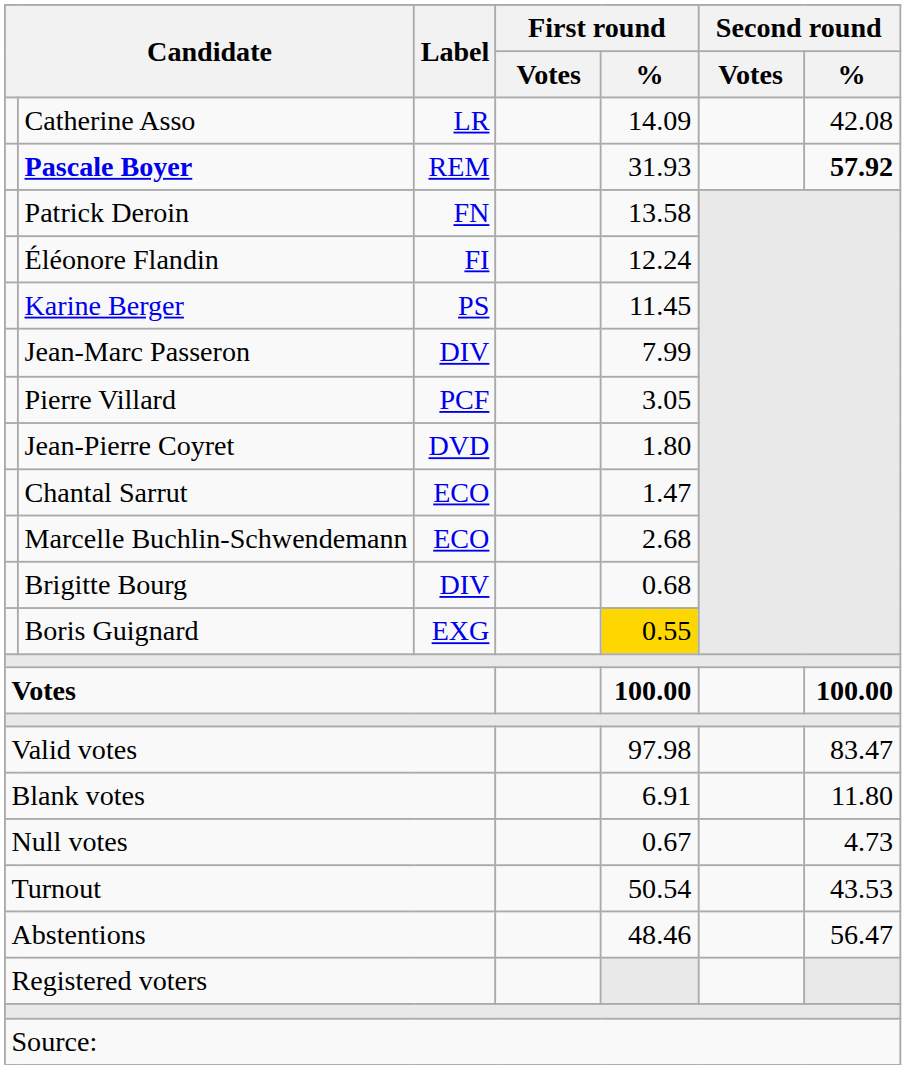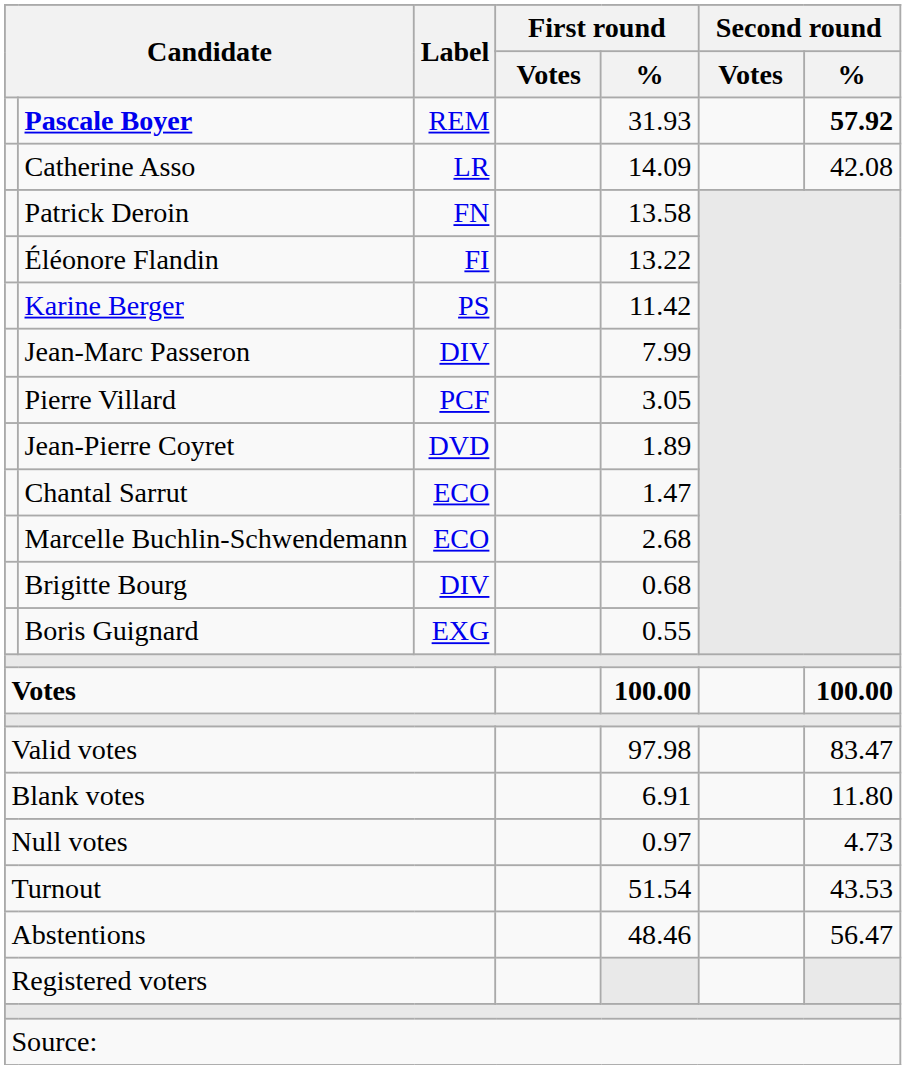 <table class="wikitable" style="text-align:right;font-size:95%;">
 <tr>
 <th colspan="2" rowspan="2">Candidate</th>
 <th rowspan="2">Label</th>
 <th colspan="2">First round</th>
 <th colspan="2">Second round</th>
 </tr>
 <tr>
 <th style="width:50px;">Votes</th>
 <th style="width:45px;">%</th>
 <th style="width:50px;">Votes</th>
 <th style="width:45px;">%</th>
 </tr>
 <tr>
 <td style="color:inherit;background:"></td>
+<td style="text-align:left;"><strong><a href='#'>Pascale Boyer</a></strong></td>
+<td><a href='#'>REM</a></td>
+<td></td>
+<td>31.93</td>
+<td><strong></strong></td>
+<td><strong>57.92</strong></td>
+</tr>
+<tr>
+<td style="color:inherit;background:"></td>
 <td style="text-align:left;">Catherine Asso</td>
 <td><a href='#'>LR</a></td>
 <td></td>
 <td>14.09</td>
 <td></td>
 <td>42.08</td>
-</tr>
-<tr>
-<td style="color:inherit;background:"></td>
-<td style="text-align:left;"><strong><a href='#'>Pascale Boyer</a></strong></td>
-<td><a href='#'>REM</a></td>
-<td></td>
-<td>31.93</td>
-<td><strong></strong></td>
-<td><strong>57.92</strong></td>
 </tr>
 <tr>
 <td style="color:inherit;background:"></td>
 <td style="text-align:left;">Patrick Deroin</td>
 <td><a href='#'>FN</a></td>
 <td></td>
 <td>13.58</td>
 <td colspan="2" rowspan="10" style="background:#E9E9E9;"></td>
 </tr>
 <tr>
 <td style="color:inherit;background:"></td>
 <td style="text-align:left;">Éléonore Flandin</td>
 <td><a href='#'>FI</a></td>
 <td></td>
-<td>12.24</td>
+<td>13.22</td>
 </tr>
 <tr>
 <td style="color:inherit;background:"></td>
 <td style="text-align:left;"><a href='#'>Karine Berger</a></td>
 <td><a href='#'>PS</a></td>
 <td></td>
-<td>11.45</td>
+<td>11.42</td>
 </tr>
 <tr>
 <td style="color:inherit;background:"></td>
 <td style="text-align:left;">Jean-Marc Passeron</td>
 <td><a href='#'>DIV</a></td>
 <td></td>
 <td>7.99</td>
 </tr>
 <tr>
 <td style="color:inherit;background:"></td>
 <td style="text-align:left;">Pierre Villard</td>
 <td><a href='#'>PCF</a></td>
 <td></td>
 <td>3.05</td>
 </tr>
 <tr>
 <td style="color:inherit;background:"></td>
 <td style="text-align:left;">Jean-Pierre Coyret</td>
 <td><a href='#'>DVD</a></td>
 <td></td>
-<td>1.80</td>
+<td>1.89</td>
 </tr>
 <tr>
 <td style="color:inherit;background:"></td>
 <td style="text-align:left;">Chantal Sarrut</td>
 <td><a href='#'>ECO</a></td>
 <td></td>
 <td>1.47</td>
 </tr>
 <tr>
 <td style="color:inherit;background:"></td>
 <td style="text-align:left;">Marcelle Buchlin-Schwendemann</td>
 <td><a href='#'>ECO</a></td>
 <td></td>
 <td>2.68</td>
 </tr>
 <tr>
 <td style="color:inherit;background:"></td>
 <td style="text-align:left;">Brigitte Bourg</td>
 <td><a href='#'>DIV</a></td>
 <td></td>
 <td>0.68</td>
 </tr>
 <tr>
 <td style="color:inherit;background:"></td>
 <td style="text-align:left;">Boris Guignard</td>
 <td><a href='#'>EXG</a></td>
 <td></td>
-<td style="background: gold;">0.55</td>
+<td>0.55</td>
 </tr>
 <tr>
 <td colspan="7" style="background:#E9E9E9;"></td>
 </tr>
 <tr style="font-weight:bold;">
 <td colspan="3" style="text-align:left;">Votes</td>
 <td></td>
 <td>100.00</td>
 <td></td>
 <td>100.00</td>
 </tr>
 <tr>
 <td colspan="7" style="background:#E9E9E9;"></td>
 </tr>
 <tr>
 <td colspan="3" style="text-align:left;">Valid votes</td>
 <td></td>
 <td>97.98</td>
 <td></td>
 <td>83.47</td>
 </tr>
 <tr>
 <td colspan="3" style="text-align:left;">Blank votes</td>
 <td></td>
 <td>6.91</td>
 <td></td>
 <td>11.80</td>
 </tr>
 <tr>
 <td colspan="3" style="text-align:left;">Null votes</td>
 <td></td>
-<td>0.67</td>
+<td>0.97</td>
 <td></td>
 <td>4.73</td>
 </tr>
 <tr>
 <td colspan="3" style="text-align:left;">Turnout</td>
 <td></td>
-<td>50.54</td>
+<td>51.54</td>
 <td></td>
 <td>43.53</td>
 </tr>
 <tr>
 <td colspan="3" style="text-align:left;">Abstentions</td>
 <td></td>
 <td>48.46</td>
 <td></td>
 <td>56.47</td>
 </tr>
 <tr>
 <td colspan="3" style="text-align:left;">Registered voters</td>
 <td></td>
 <td style="background:#E9E9E9;"></td>
 <td></td>
 <td style="background:#E9E9E9;"></td>
 </tr>
 <tr>
 <td colspan="7" style="background:#E9E9E9;"></td>
 </tr>
 <tr>
 <td colspan="7" style="text-align:left;">Source: </td>
 </tr>
 </table>
